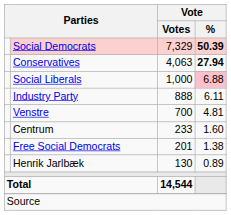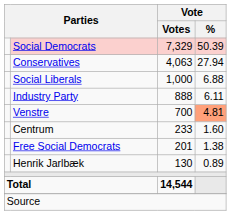 <table class="wikitable" style="text-align:right;">
 <tr>
 <th style="text-align:centre;" rowspan="2" colspan="2" width="225">Parties</th>
 <th colspan="3">Vote</th>
 </tr>
 <tr>
 <th width="15">Votes</th>
 <th width="15">%</th>
 </tr>
 <tr>
 <td width="2" style="color:inherit;background:"></td>
 <td bgcolor=#fbd0ce  align="left"><a href='#'>Social Democrats</a></td>
 <td bgcolor=#fbd0ce>7,329</td>
-<td bgcolor=#fbd0ce><strong>50.39</strong></td>
+<td bgcolor=#fbd0ce>50.39</td>
 </tr>
 <tr>
 <td width="2" style="color:inherit;background:"></td>
 <td align="left"><a href='#'>Conservatives</a></td>
 <td>4,063</td>
-<td><strong>27.94</strong></td>
+<td>27.94</td>
 </tr>
 <tr>
 <td width="2" style="color:inherit;background:"></td>
 <td align="left"><a href='#'>Social Liberals</a></td>
 <td>1,000</td>
-<td style="background: pink;">6.88</td>
+<td>6.88</td>
 </tr>
 <tr>
 <td width="2" style="color:inherit;background:"></td>
 <td align="left"><a href='#'>Industry Party</a></td>
 <td>888</td>
 <td>6.11</td>
 </tr>
 <tr>
 <td width="2" style="color:inherit;background:"></td>
 <td align="left"><a href='#'>Venstre</a></td>
 <td>700</td>
-<td>4.81</td>
+<td style="background: lightsalmon;">4.81</td>
 </tr>
 <tr>
 <td width="2" style="color:inherit;background:"></td>
 <td align="left">Centrum</td>
 <td>233</td>
 <td>1.60</td>
 </tr>
 <tr>
 <td width="2" style="color:inherit;background:"></td>
 <td align="left"><a href='#'>Free Social Democrats</a></td>
 <td>201</td>
 <td>1.38</td>
 </tr>
 <tr>
 <td width="2" style="color:inherit;background:"></td>
 <td align="left">Henrik Jarlbæk</td>
 <td>130</td>
 <td>0.89</td>
 </tr>
 <tr>
 <td colspan="7" bgcolor="#E9E9E9"></td>
 </tr>
 <tr>
 <td align="left" colspan="2"><strong>Total</strong></td>
 <td><strong>14,544</strong></td>
 <td bgcolor="#E9E9E9" colspan="2"></td>
 </tr>
 <tr>
 </tr>
 <tr>
 <td align="left" colspan="6">Source</td>
 </tr>
 </table>
